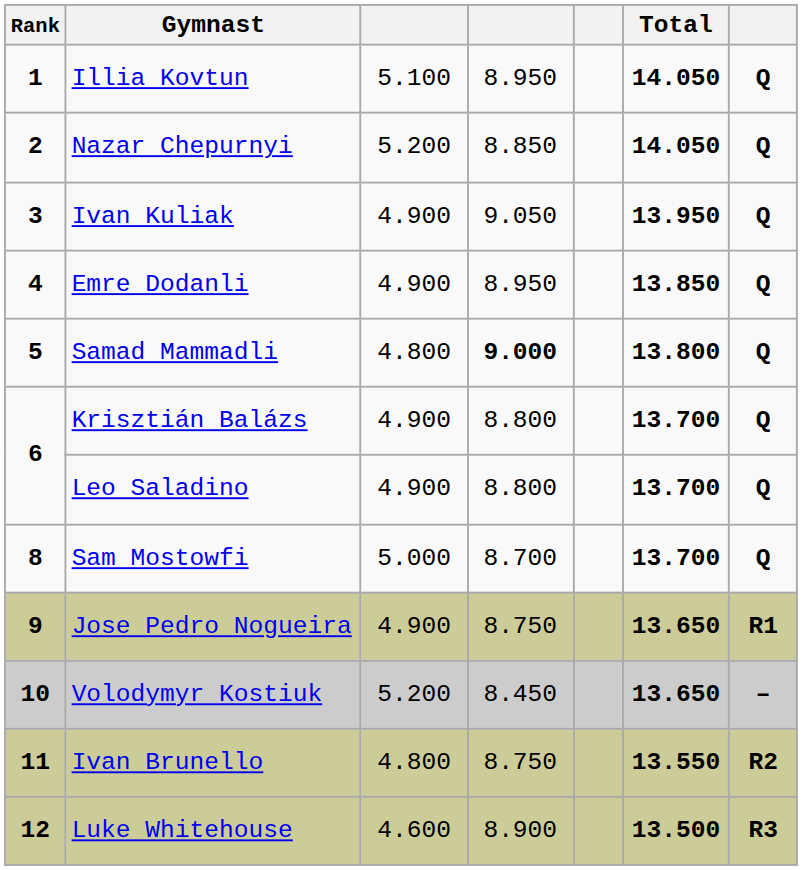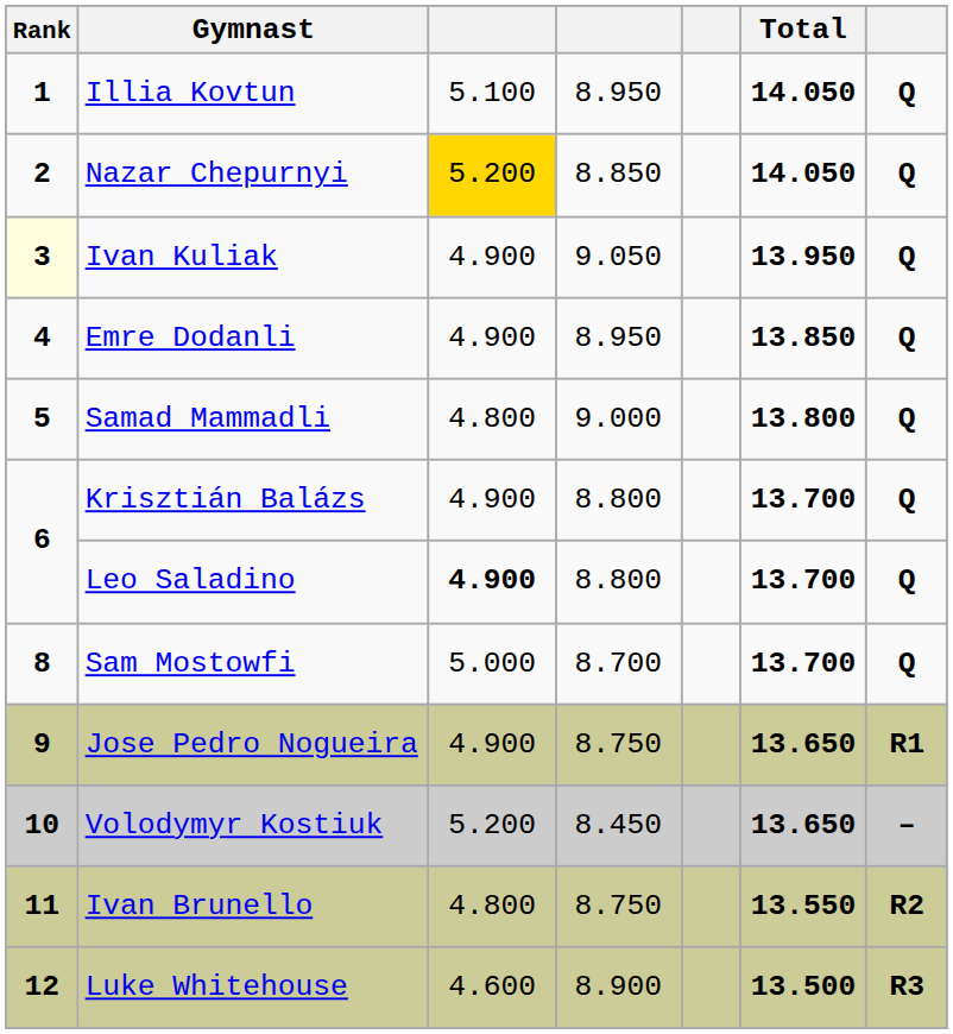 <table style="text-align:center;" class="wikitable sortable">
 <tr>
 <th scope="col" style="width:15px;"><small>Rank</small></th>
 <th scope="col" style="width:150px;">Gymnast</th>
 <th scope="col" style="width:50px;"><small></small></th>
 <th scope="col" style="width:50px;"><small></small></th>
 <th scope="col" style="width:20px;"><small></small></th>
 <th scope="col" style="width:50px;">Total</th>
 <th scope="col" style="width:30px;"><small></small></th>
 </tr>
 <tr>
 <td scope="row" style="text-align:center"><strong>1</strong></td>
 <td style="height:30px; text-align:left;"> <a href='#'>Illia Kovtun</a></td>
 <td>5.100</td>
 <td>8.950</td>
 <td></td>
 <td><strong>14.050</strong></td>
 <td><strong>Q</strong></td>
 </tr>
 <tr>
 <td scope="row" style="text-align:center"><strong>2</strong></td>
 <td style="height:30px; text-align:left;"> <a href='#'>Nazar Chepurnyi</a></td>
-<td>5.200</td>
+<td style="background: gold;">5.200</td>
 <td>8.850</td>
 <td></td>
 <td><strong>14.050</strong></td>
 <td><strong>Q</strong></td>
 </tr>
 <tr>
-<td scope="row" style="text-align:center"><strong>3</strong></td>
+<td scope="row" style="background: lightyellow; text-align:center"><strong>3</strong></td>
 <td style="height:30px; text-align:left;"> <a href='#'>Ivan Kuliak</a></td>
 <td>4.900</td>
 <td>9.050</td>
 <td></td>
 <td><strong>13.950</strong></td>
 <td><strong>Q</strong></td>
 </tr>
 <tr>
 <td scope="row" style="text-align:center"><strong>4</strong></td>
 <td style="height:30px; text-align:left;"> <a href='#'>Emre Dodanli</a></td>
 <td>4.900</td>
 <td>8.950</td>
 <td></td>
 <td><strong>13.850</strong></td>
 <td><strong>Q</strong></td>
 </tr>
 <tr>
 <td scope="row" style="text-align:center"><strong>5</strong></td>
 <td style="height:30px; text-align:left;"> <a href='#'>Samad Mammadli</a></td>
 <td>4.800</td>
-<td><strong>9.000</strong></td>
+<td>9.000</td>
 <td></td>
 <td><strong>13.800</strong></td>
 <td><strong>Q</strong></td>
 </tr>
 <tr>
 <td rowspan=2 scope="row" style="text-align:center"><strong>6</strong></td>
 <td style="height:30px; text-align:left;"> <a href='#'>Krisztián Balázs</a></td>
 <td>4.900</td>
 <td>8.800</td>
 <td></td>
 <td><strong>13.700</strong></td>
 <td><strong>Q</strong></td>
 </tr>
 <tr>
 <td style="height:30px; text-align:left;"> <a href='#'>Leo Saladino</a></td>
-<td>4.900</td>
+<td><strong>4.900</strong></td>
 <td>8.800</td>
 <td></td>
 <td><strong>13.700</strong></td>
 <td><strong>Q</strong></td>
 </tr>
 <tr>
 <td scope="row" style="text-align:center"><strong>8</strong></td>
 <td style="height:30px; text-align:left;"> <a href='#'>Sam Mostowfi</a></td>
 <td>5.000</td>
 <td>8.700</td>
 <td></td>
 <td><strong>13.700</strong></td>
 <td><strong>Q</strong></td>
 </tr>
 <tr style="background:#cccc99;">
 <td scope="row" style="text-align:center"><strong>9</strong></td>
 <td style="height:30px; text-align:left;"> <a href='#'>Jose Pedro Nogueira</a></td>
 <td>4.900</td>
 <td>8.750</td>
 <td></td>
 <td><strong>13.650</strong></td>
 <td><strong>R1</strong></td>
 </tr>
 <tr style="background:#cccccc;">
 <td scope="row" style="text-align:center"><strong>10</strong></td>
 <td style="height:30px; text-align:left;"> <a href='#'>Volodymyr Kostiuk</a></td>
 <td>5.200</td>
 <td>8.450</td>
 <td></td>
 <td><strong>13.650</strong></td>
 <td><strong>–</strong></td>
 </tr>
 <tr style="background:#cccc99;">
 <td scope="row" style="text-align:center"><strong>11</strong></td>
 <td style="height:30px; text-align:left;"> <a href='#'>Ivan Brunello</a></td>
 <td>4.800</td>
 <td>8.750</td>
 <td></td>
 <td><strong>13.550</strong></td>
 <td><strong>R2</strong></td>
 </tr>
 <tr style="background:#cccc99;">
 <td scope="row" style="text-align:center"><strong>12</strong></td>
 <td style="height:30px; text-align:left;"> <a href='#'>Luke Whitehouse</a></td>
 <td>4.600</td>
 <td>8.900</td>
 <td></td>
 <td><strong>13.500</strong></td>
 <td><strong>R3</strong></td>
 </tr>
 </table>
